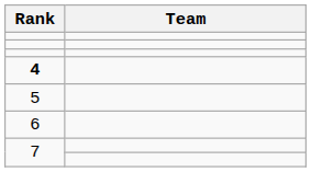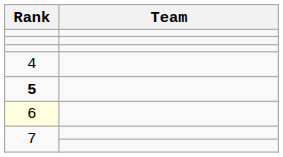 <table class="wikitable" style="text-align: center;">
 <tr>
 <th width=40>Rank</th>
 <th width=180>Team</th>
 </tr>
 <tr align=center>
 <td></td>
 <td style="text-align:left;"></td>
 </tr>
 <tr align=center>
 <td></td>
 <td style="text-align:left;"></td>
 </tr>
 <tr align=center>
 <td></td>
 <td style="text-align:left;"></td>
 </tr>
 <tr align=center>
-<td><strong>4</strong></td>
+<td>4</td>
 <td style="text-align:left;"></td>
 </tr>
 <tr align=center>
-<td>5</td>
+<td><strong>5</strong></td>
 <td style="text-align:left;"></td>
 </tr>
 <tr align=center>
-<td>6</td>
+<td style="background: lightyellow;">6</td>
 <td style="text-align:left;"></td>
 </tr>
 <tr align=center>
 <td rowspan=2>7</td>
 <td style="text-align:left;"></td>
 </tr>
 <tr align=center>
 <td style="text-align:left;"></td>
 </tr>
 </table>
